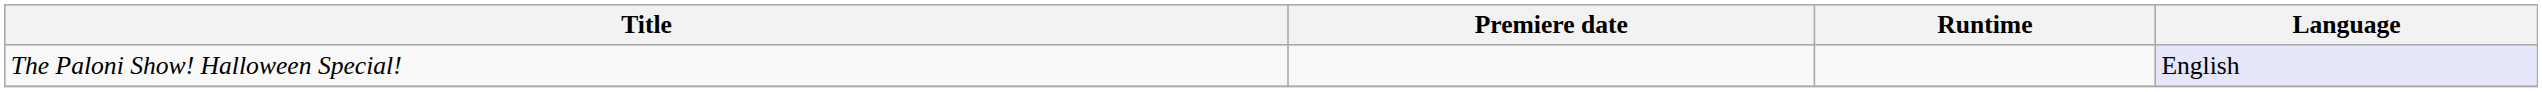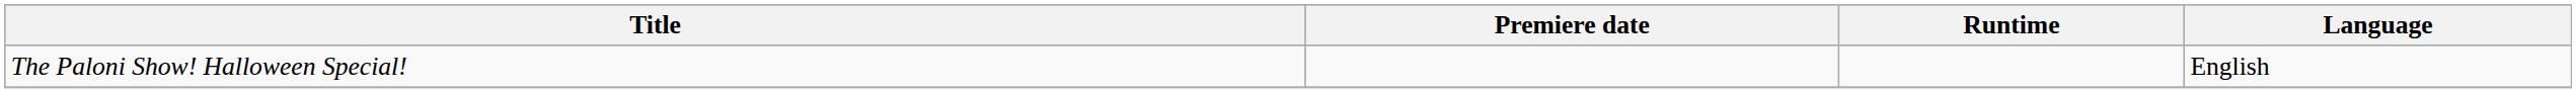 <table class="wikitable sortable" width=100%>
 <tr>
 <th scope="col">Title</th>
 <th scope="col">Premiere date</th>
 <th scope="col">Runtime</th>
 <th scope="col">Language</th>
 </tr>
 <tr>
 <td><em>The Paloni Show! Halloween Special!</em></td>
 <td></td>
 <td></td>
-<td style="background: lavender;">English</td>
+<td>English</td>
 </tr>
 <tr>
 </tr>
 </table>
